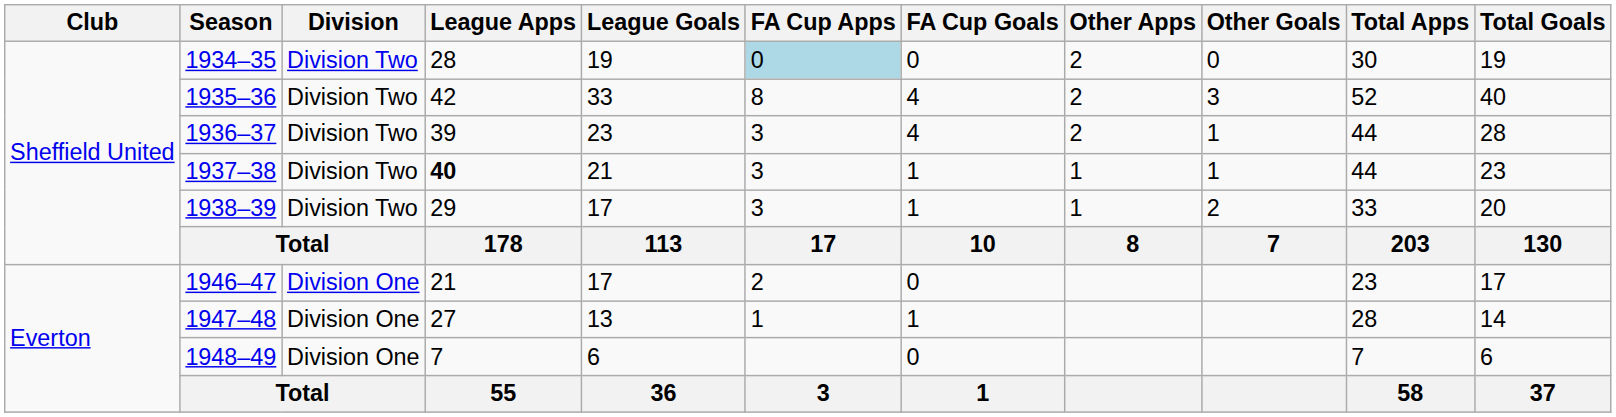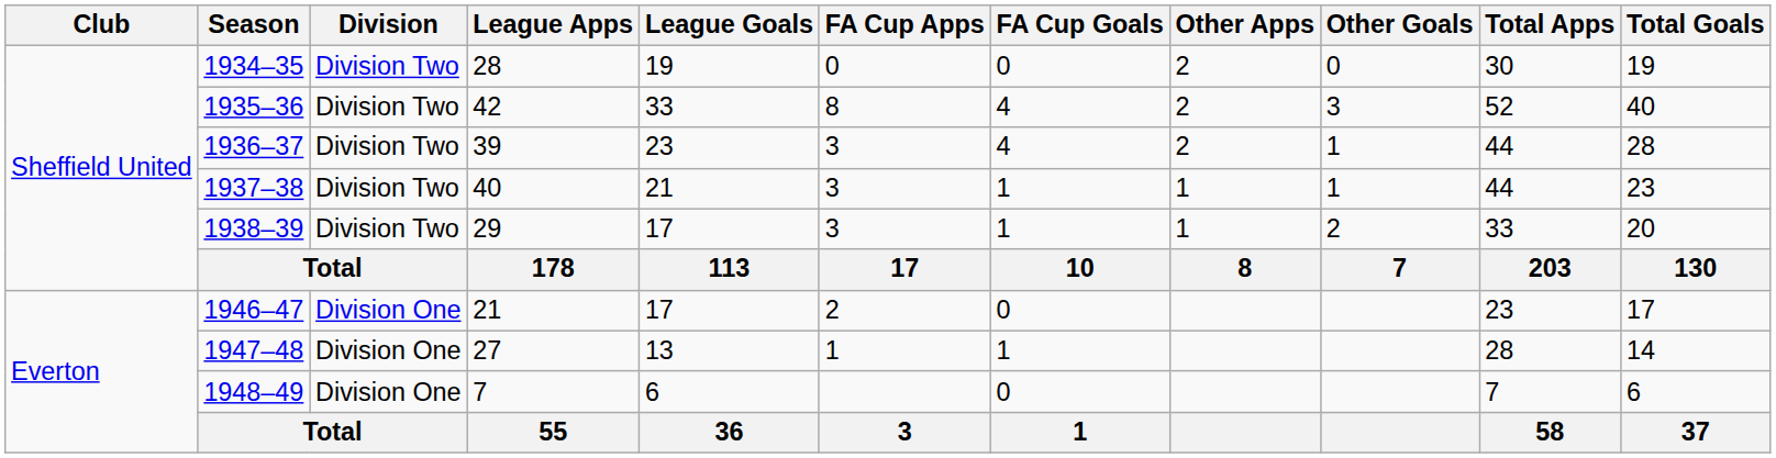 <table class=wikitable>
 <tr>
 <th>Club</th>
 <th>Season</th>
 <th>Division</th>
 <th>League Apps</th>
 <th>League Goals</th>
 <th>FA Cup Apps</th>
 <th>FA Cup Goals</th>
 <th>Other Apps</th>
 <th>Other Goals</th>
 <th>Total Apps</th>
 <th>Total Goals</th>
 </tr>
 <tr>
 <td rowspan=6><a href='#'>Sheffield United</a></td>
 <td><a href='#'>1934–35</a></td>
 <td><a href='#'>Division Two</a></td>
 <td>28</td>
 <td>19</td>
-<td style="background: lightblue;">0</td>
+<td>0</td>
 <td>0</td>
 <td>2</td>
 <td>0</td>
 <td>30</td>
 <td>19</td>
 </tr>
 <tr>
 <td><a href='#'>1935–36</a></td>
 <td>Division Two</td>
 <td>42</td>
 <td>33</td>
 <td>8</td>
 <td>4</td>
 <td>2</td>
 <td>3</td>
 <td>52</td>
 <td>40</td>
 </tr>
 <tr>
 <td><a href='#'>1936–37</a></td>
 <td>Division Two</td>
 <td>39</td>
 <td>23</td>
 <td>3</td>
 <td>4</td>
 <td>2</td>
 <td>1</td>
 <td>44</td>
 <td>28</td>
 </tr>
 <tr>
 <td><a href='#'>1937–38</a></td>
 <td>Division Two</td>
-<td><strong>40</strong></td>
+<td>40</td>
 <td>21</td>
 <td>3</td>
 <td>1</td>
 <td>1</td>
 <td>1</td>
 <td>44</td>
 <td>23</td>
 </tr>
 <tr>
 <td><a href='#'>1938–39</a></td>
 <td>Division Two</td>
 <td>29</td>
 <td>17</td>
 <td>3</td>
 <td>1</td>
 <td>1</td>
 <td>2</td>
 <td>33</td>
 <td>20</td>
 </tr>
 <tr>
 <th colspan=2>Total</th>
 <th>178</th>
 <th>113</th>
 <th>17</th>
 <th>10</th>
 <th>8</th>
 <th>7</th>
 <th>203</th>
 <th>130</th>
 </tr>
 <tr>
 <td rowspan=4><a href='#'>Everton</a></td>
 <td><a href='#'>1946–47</a></td>
 <td><a href='#'>Division One</a></td>
 <td>21</td>
 <td>17</td>
 <td>2</td>
 <td>0</td>
 <td></td>
 <td></td>
 <td>23</td>
 <td>17</td>
 </tr>
 <tr>
 <td><a href='#'>1947–48</a></td>
 <td>Division One</td>
 <td>27</td>
 <td>13</td>
 <td>1</td>
 <td>1</td>
 <td></td>
 <td></td>
 <td>28</td>
 <td>14</td>
 </tr>
 <tr>
 <td><a href='#'>1948–49</a></td>
 <td>Division One</td>
 <td>7</td>
 <td>6</td>
 <td></td>
 <td>0</td>
 <td></td>
 <td></td>
 <td>7</td>
 <td>6</td>
 </tr>
 <tr>
 <th colspan=2>Total</th>
 <th>55</th>
 <th>36</th>
 <th>3</th>
 <th>1</th>
 <th></th>
 <th></th>
 <th>58</th>
 <th>37</th>
 </tr>
 </table>
